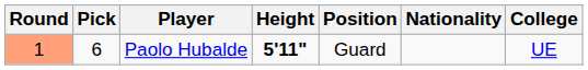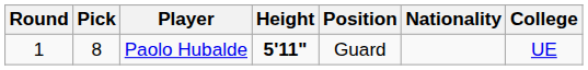 <table class="wikitable sortable sortable">
 <tr>
 <th>Round</th>
 <th>Pick</th>
 <th>Player</th>
 <th>Height</th>
 <th>Position</th>
 <th>Nationality</th>
 <th>College</th>
 </tr>
 <tr style="text-align: center">
-<td style="background: lightsalmon;">1</td>
-<td>6</td>
+<td>1</td>
+<td>8</td>
 <td><a href='#'>Paolo Hubalde</a></td>
 <td><strong>5'11"</strong></td>
 <td>Guard</td>
 <td></td>
 <td><a href='#'>UE</a></td>
 </tr>
 </table>
